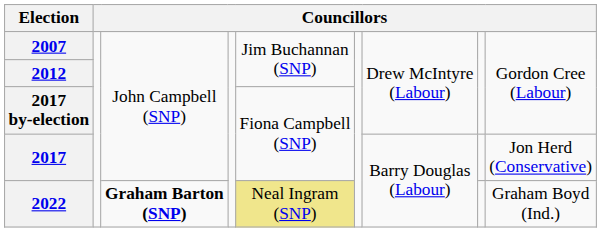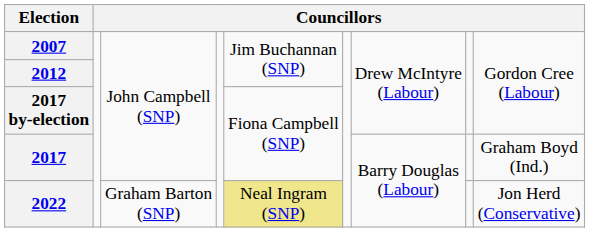 <table class="wikitable" style="text-align:center">
 <tr>
 <th>Election</th>
 <th colspan=8>Councillors</th>
 </tr>
 <tr>
 <th><a href='#'>2007</a></th>
 <td rowspan=5; style="background-color: "></td>
 <td rowspan=4>John Campbell<br>(<a href='#'>SNP</a>)</td>
 <td rowspan=5; style="background-color: "></td>
 <td rowspan=2>Jim Buchannan<br>(<a href='#'>SNP</a>)</td>
 <td rowspan=5; style="background-color: "></td>
 <td rowspan=3>Drew McIntyre<br>(<a href='#'>Labour</a>)</td>
 <td rowspan=3; style="background-color: "></td>
 <td rowspan=3>Gordon Cree<br>(<a href='#'>Labour</a>)</td>
 </tr>
 <tr>
 <th><a href='#'>2012</a></th>
 </tr>
 <tr>
 <th>2017<br>by-election</th>
 <td rowspan=2>Fiona Campbell<br>(<a href='#'>SNP</a>)</td>
 </tr>
 <tr>
 <th><a href='#'>2017</a></th>
 <td rowspan=2>Barry Douglas<br>(<a href='#'>Labour</a>)</td>
 <td rowspan=1; style="background-color: "></td>
-<td rowspan=1>Jon Herd<br>(<a href='#'>Conservative</a>)</td>
+<td rowspan=1>Graham Boyd<br>(Ind.)</td>
 </tr>
 <tr>
 <th><a href='#'>2022</a></th>
-<td rowspan=1><strong>Graham Barton<br>(<a href='#'>SNP</a>)</strong></td>
+<td rowspan=1>Graham Barton<br>(<a href='#'>SNP</a>)</td>
 <td rowspan=1 style="background: khaki;">Neal Ingram<br>(<a href='#'>SNP</a>)</td>
 <td rowspan=1; style="background-color: "></td>
-<td rowspan=1>Graham Boyd<br>(Ind.)</td>
+<td rowspan=1>Jon Herd<br>(<a href='#'>Conservative</a>)</td>
 </tr>
 </table>
